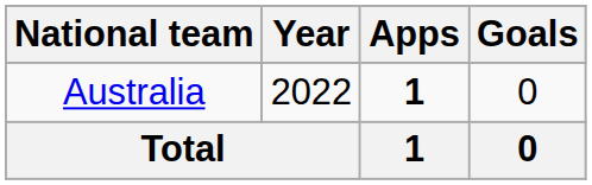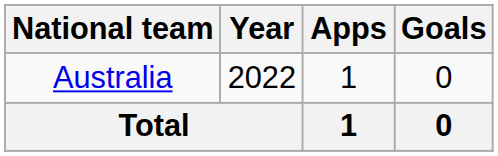 <table class="wikitable" style="text-align:center">
 <tr>
 <th>National team</th>
 <th>Year</th>
 <th>Apps</th>
 <th>Goals</th>
 </tr>
 <tr>
 <td><a href='#'>Australia</a></td>
 <td>2022</td>
-<td><strong>1</strong></td>
+<td>1</td>
 <td>0</td>
 </tr>
 <tr>
 <th colspan="2">Total</th>
 <th>1</th>
 <th>0</th>
 </tr>
 </table>
